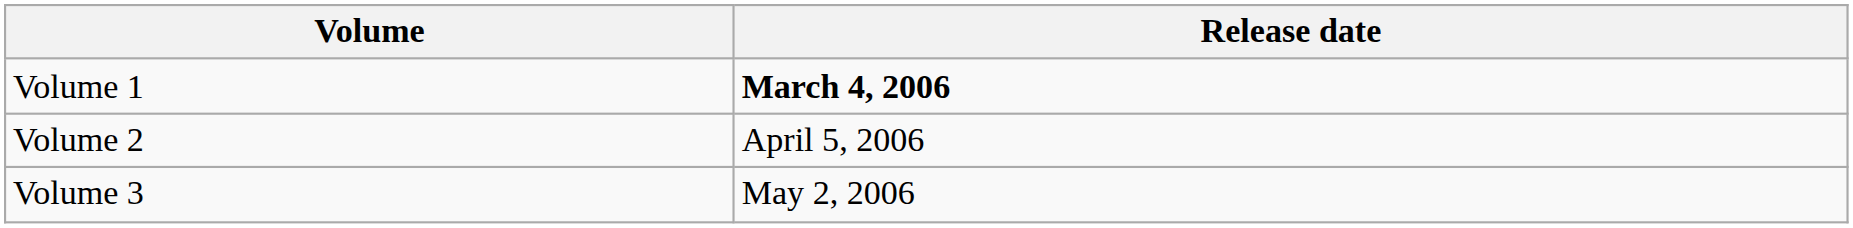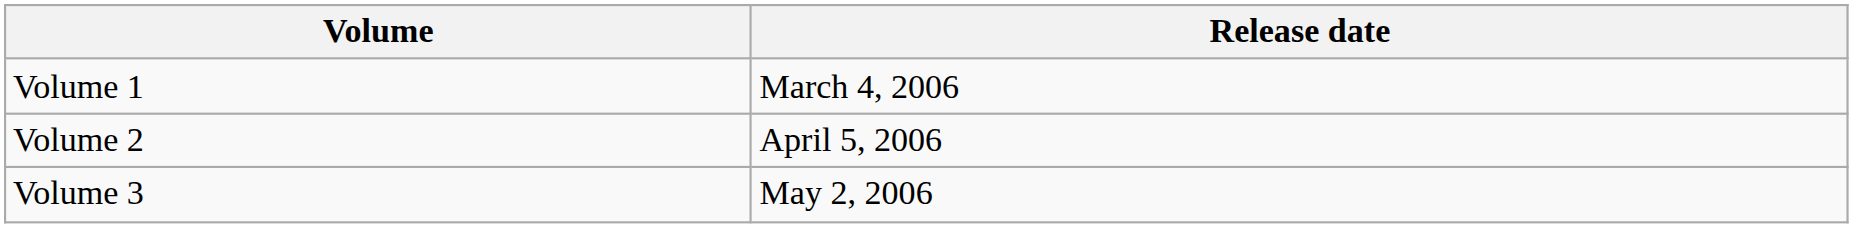 <table class="wikitable" style="text-align: left; width: 98%;">
 <tr>
 <th>Volume</th>
 <th>Release date</th>
 </tr>
 <tr>
 <td>Volume 1</td>
-<td><strong>March 4, 2006</strong></td>
+<td>March 4, 2006</td>
 </tr>
 <tr>
 <td>Volume 2</td>
 <td>April 5, 2006</td>
 </tr>
 <tr>
 <td>Volume 3</td>
 <td>May 2, 2006</td>
 </tr>
 </table>
